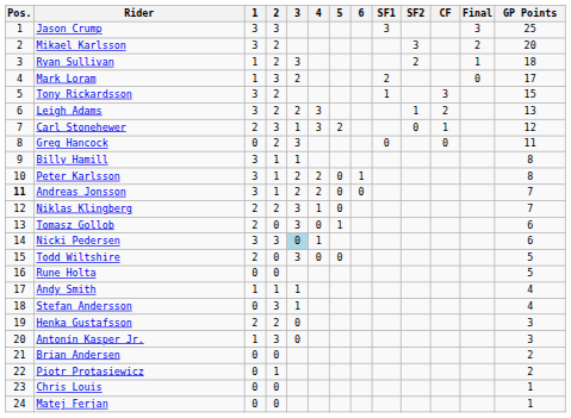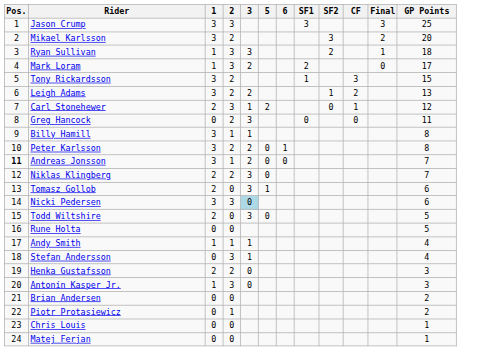 <table class=wikitable style="font-size:93%;">
 <tr>
 <th width=25px>Pos.</th>
 <th width=250px>Rider</th>
 <th width=20px>1</th>
 <th width=20px>2</th>
 <th width=20px>3</th>
-<th width=20px>4</th>
 <th width=20px>5</th>
 <th width=20px>6</th>
 <th width=30px>SF1</th>
 <th width=30px>SF2</th>
 <th width=30px>CF</th>
 <th width=30px>Final</th>
 <th width=80px>GP Points</th>
 </tr>
 <tr align=center style="background-color:">
 <td>1</td>
 <td align=left> <a href='#'>Jason Crump</a></td>
 <td>3</td>
 <td>3</td>
-<td></td>
 <td></td>
 <td></td>
 <td></td>
 <td>3</td>
 <td></td>
 <td></td>
 <td>3</td>
 <td>25</td>
 </tr>
 <tr align=center style="background-color:">
 <td>2</td>
 <td align=left> <a href='#'>Mikael Karlsson</a></td>
 <td>3</td>
 <td>2</td>
 <td></td>
 <td></td>
 <td></td>
 <td></td>
-<td></td>
 <td>3</td>
 <td></td>
 <td>2</td>
 <td>20</td>
 </tr>
 <tr align=center style="background-color:">
 <td>3</td>
 <td align=left> <a href='#'>Ryan Sullivan</a></td>
 <td>1</td>
-<td>2</td>
 <td>3</td>
-<td></td>
+<td>3</td>
 <td></td>
 <td></td>
 <td></td>
 <td>2</td>
 <td></td>
 <td>1</td>
 <td>18</td>
 </tr>
 <tr align=center>
 <td>4</td>
 <td align=left> <a href='#'>Mark Loram</a></td>
 <td>1</td>
 <td>3</td>
 <td>2</td>
 <td></td>
 <td></td>
-<td></td>
 <td>2</td>
 <td></td>
 <td></td>
 <td>0</td>
 <td>17</td>
 </tr>
 <tr align=center>
 <td>5</td>
 <td align=left> <a href='#'>Tony Rickardsson</a></td>
 <td>3</td>
 <td>2</td>
-<td></td>
 <td></td>
 <td></td>
 <td></td>
 <td>1</td>
 <td></td>
 <td>3</td>
 <td></td>
 <td>15</td>
 </tr>
 <tr align=center>
 <td>6</td>
 <td align=left> <a href='#'>Leigh Adams</a></td>
 <td>3</td>
 <td>2</td>
 <td>2</td>
-<td>3</td>
 <td></td>
 <td></td>
 <td></td>
 <td>1</td>
 <td>2</td>
 <td></td>
 <td>13</td>
 </tr>
 <tr align=center>
 <td>7</td>
 <td align=left> <a href='#'>Carl Stonehewer</a></td>
 <td>2</td>
 <td>3</td>
 <td>1</td>
-<td>3</td>
 <td>2</td>
 <td></td>
 <td></td>
 <td>0</td>
 <td>1</td>
 <td></td>
 <td>12</td>
 </tr>
 <tr align=center>
 <td>8</td>
 <td align=left> <a href='#'>Greg Hancock</a></td>
 <td>0</td>
 <td>2</td>
 <td>3</td>
-<td></td>
 <td></td>
 <td></td>
 <td>0</td>
 <td></td>
 <td>0</td>
 <td></td>
 <td>11</td>
 </tr>
 <tr align=center>
 <td>9</td>
 <td align=left> <a href='#'>Billy Hamill</a></td>
 <td>3</td>
 <td>1</td>
 <td>1</td>
 <td></td>
 <td></td>
 <td></td>
 <td></td>
 <td></td>
 <td></td>
-<td></td>
 <td>8</td>
 </tr>
 <tr align=center>
 <td>10</td>
 <td align=left> <a href='#'>Peter Karlsson</a></td>
 <td>3</td>
-<td>1</td>
 <td>2</td>
 <td>2</td>
 <td>0</td>
 <td>1</td>
 <td></td>
 <td></td>
 <td></td>
 <td></td>
 <td>8</td>
 </tr>
 <tr align=center>
 <td><strong>11</strong></td>
 <td align=left> <a href='#'>Andreas Jonsson</a></td>
 <td>3</td>
 <td>1</td>
 <td>2</td>
-<td>2</td>
 <td>0</td>
 <td>0</td>
 <td></td>
 <td></td>
 <td></td>
 <td></td>
 <td>7</td>
 </tr>
 <tr align=center>
 <td>12</td>
 <td align=left> <a href='#'>Niklas Klingberg</a></td>
 <td>2</td>
 <td>2</td>
 <td>3</td>
-<td>1</td>
 <td>0</td>
 <td></td>
 <td></td>
 <td></td>
 <td></td>
 <td></td>
 <td>7</td>
 </tr>
 <tr align=center>
 <td>13</td>
 <td align=left> <a href='#'>Tomasz Gollob</a></td>
 <td>2</td>
 <td>0</td>
 <td>3</td>
-<td>0</td>
 <td>1</td>
 <td></td>
 <td></td>
 <td></td>
 <td></td>
 <td></td>
 <td>6</td>
 </tr>
 <tr align=center>
 <td>14</td>
 <td align=left> <a href='#'>Nicki Pedersen</a></td>
 <td>3</td>
 <td>3</td>
 <td style="background: lightblue;">0</td>
-<td>1</td>
 <td></td>
 <td></td>
 <td></td>
 <td></td>
 <td></td>
 <td></td>
 <td>6</td>
 </tr>
 <tr align=center>
 <td>15</td>
 <td align=left> <a href='#'>Todd Wiltshire</a></td>
 <td>2</td>
 <td>0</td>
 <td>3</td>
 <td>0</td>
-<td>0</td>
 <td></td>
 <td></td>
 <td></td>
 <td></td>
 <td></td>
 <td>5</td>
 </tr>
 <tr align=center>
 <td>16</td>
 <td align=left> <a href='#'>Rune Holta</a></td>
 <td>0</td>
 <td>0</td>
-<td></td>
 <td></td>
 <td></td>
 <td></td>
 <td></td>
 <td></td>
 <td></td>
 <td></td>
 <td>5</td>
 </tr>
 <tr align=center>
 <td>17</td>
 <td align=left> <a href='#'>Andy Smith</a></td>
 <td>1</td>
 <td>1</td>
 <td>1</td>
 <td></td>
 <td></td>
 <td></td>
 <td></td>
 <td></td>
 <td></td>
-<td></td>
 <td>4</td>
 </tr>
 <tr align=center>
 <td>18</td>
 <td align=left> <a href='#'>Stefan Andersson</a></td>
 <td>0</td>
 <td>3</td>
 <td>1</td>
-<td></td>
 <td></td>
 <td></td>
 <td></td>
 <td></td>
 <td></td>
 <td></td>
 <td>4</td>
 </tr>
 <tr align=center>
 <td>19</td>
 <td align=left> <a href='#'>Henka Gustafsson</a></td>
 <td>2</td>
 <td>2</td>
 <td>0</td>
 <td></td>
 <td></td>
 <td></td>
 <td></td>
 <td></td>
 <td></td>
-<td></td>
 <td>3</td>
 </tr>
 <tr align=center>
 <td>20</td>
 <td align=left> <a href='#'>Antonín Kasper Jr.</a></td>
 <td>1</td>
 <td>3</td>
 <td>0</td>
 <td></td>
 <td></td>
 <td></td>
 <td></td>
 <td></td>
 <td></td>
-<td></td>
 <td>3</td>
 </tr>
 <tr align=center>
 <td>21</td>
 <td align=left> <a href='#'>Brian Andersen</a></td>
 <td>0</td>
 <td>0</td>
-<td></td>
 <td></td>
 <td></td>
 <td></td>
 <td></td>
 <td></td>
 <td></td>
 <td></td>
 <td>2</td>
 </tr>
 <tr align=center>
 <td>22</td>
 <td align=left> <a href='#'>Piotr Protasiewicz</a></td>
 <td>0</td>
 <td>1</td>
 <td></td>
 <td></td>
 <td></td>
 <td></td>
 <td></td>
 <td></td>
 <td></td>
-<td></td>
 <td>2</td>
 </tr>
 <tr align=center>
 <td>23</td>
 <td align=left> <a href='#'>Chris Louis</a></td>
 <td>0</td>
 <td>0</td>
-<td></td>
 <td></td>
 <td></td>
 <td></td>
 <td></td>
 <td></td>
 <td></td>
 <td></td>
 <td>1</td>
 </tr>
 <tr align=center>
 <td>24</td>
 <td align=left> <a href='#'>Matej Ferjan</a></td>
 <td>0</td>
 <td>0</td>
 <td></td>
 <td></td>
 <td></td>
 <td></td>
 <td></td>
 <td></td>
 <td></td>
-<td></td>
 <td>1</td>
 </tr>
 </table>
